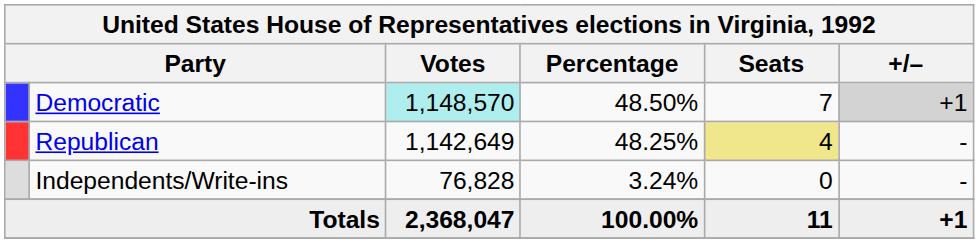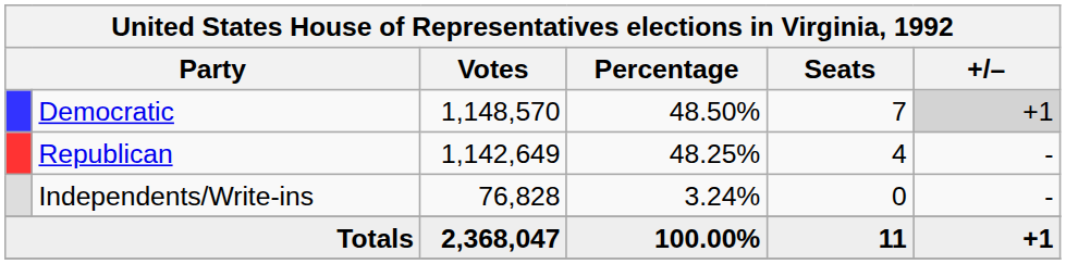 <table class="wikitable" style="font-size: 95%;">
 <tr>
 <th colspan="6">United States House of Representatives elections in Virginia, 1992</th>
 </tr>
 <tr>
 <th colspan=2 style="width: 15em">Party</th>
 <th style="width: 5em">Votes</th>
 <th style="width: 7em">Percentage</th>
 <th style="width: 5em">Seats</th>
 <th style="width: 5em">+/–</th>
 </tr>
 <tr>
 <th style="background-color:#3333FF; width: 3px"></th>
 <td style="width: 130px"><a href='#'>Democratic</a></td>
-<td align="right" style="background: paleturquoise;">1,148,570</td>
+<td align="right">1,148,570</td>
 <td align="right">48.50%</td>
 <td align="right">7</td>
 <td align="right" style="background: lightgrey;">+1</td>
 </tr>
 <tr>
 <th style="background-color:#FF3333; width: 3px"></th>
 <td style="width: 130px"><a href='#'>Republican</a></td>
 <td align="right">1,142,649</td>
 <td align="right">48.25%</td>
-<td align="right" style="background: khaki;">4</td>
+<td align="right">4</td>
 <td align="right">-</td>
 </tr>
 <tr>
 <th style="background-color:#DDDDDD; width: 3px"></th>
 <td style="width: 130px">Independents/Write-ins</td>
 <td align="right">76,828</td>
 <td align="right">3.24%</td>
 <td align="right">0</td>
 <td align="right">-</td>
 </tr>
 <tr>
 </tr>
 <tr bgcolor="#EEEEEE">
 <td colspan="2" align="right"><strong>Totals</strong></td>
 <td align="right"><strong>2,368,047</strong></td>
 <td align="right"><strong>100.00%</strong></td>
 <td align="right"><strong>11</strong></td>
 <td align="right"><strong>+1</strong></td>
 </tr>
 <tr bgcolor="#EEEEEE">
 </tr>
 </table>
